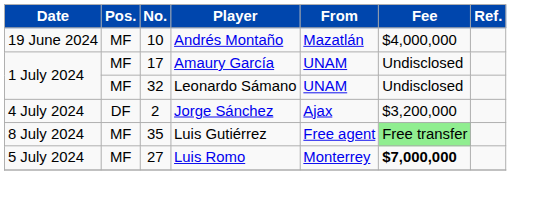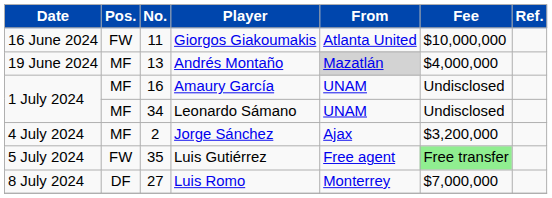 <table class="wikitable plainrowheaders sortable">
 <tr>
 <th style="background:#0046AD; color:#ffffff; ">Date</th>
 <th style="background:#0046AD; color:#ffffff; ">Pos.</th>
 <th style="background:#0046AD; color:#ffffff; ">No.</th>
 <th style="background:#0046AD; color:#ffffff; ">Player</th>
 <th style="background:#0046AD; color:#ffffff; ">From</th>
 <th style="background:#0046AD; color:#ffffff; ">Fee</th>
 <th style="background:#0046AD; color:#ffffff; ">Ref.</th>
 </tr>
 <tr>
+<td>16 June 2024</td>
+<td style="text-align:center;">FW</td>
+<td style="text-align:center;">11</td>
+<td style="text-align:left;"> <a href='#'>Giorgos Giakoumakis</a></td>
+<td style="text-align:left;"> <a href='#'>Atlanta United</a></td>
+<td>$10,000,000</td>
+<td></td>
+</tr>
+<tr>
 <td>19 June 2024</td>
 <td style="text-align:center;">MF</td>
-<td style="text-align:center;">10</td>
+<td style="text-align:center;">13</td>
 <td style="text-align:left;"> <a href='#'>Andrés Montaño</a></td>
-<td style="text-align:left;"> <a href='#'>Mazatlán</a></td>
+<td style="background: lightgrey; text-align:left;"> <a href='#'>Mazatlán</a></td>
 <td>$4,000,000</td>
 <td></td>
 </tr>
 <tr>
 <td rowspan="2">1 July 2024</td>
 <td style="text-align:center;">MF</td>
-<td style="text-align:center;">17</td>
+<td style="text-align:center;">16</td>
 <td style="text-align:left;"> <a href='#'>Amaury García</a></td>
 <td style="text-align:left;"> <a href='#'>UNAM</a></td>
 <td>Undisclosed</td>
 <td></td>
 </tr>
 <tr>
 <td style="text-align:center;">MF</td>
-<td style="text-align:center;">32</td>
+<td style="text-align:center;">34</td>
 <td style="text-align:left;"> Leonardo Sámano</td>
 <td style="text-align:left;"> <a href='#'>UNAM</a></td>
 <td>Undisclosed</td>
 <td></td>
 </tr>
 <tr>
 <td>4 July 2024</td>
-<td style="text-align:center;">DF</td>
+<td style="text-align:center;">MF</td>
 <td style="text-align:center;">2</td>
 <td style="text-align:left;"> <a href='#'>Jorge Sánchez</a></td>
 <td style="text-align:left;"> <a href='#'>Ajax</a></td>
 <td>$3,200,000</td>
 <td></td>
 </tr>
 <tr>
-<td>8 July 2024</td>
-<td style="text-align:center;">MF</td>
+<td>5 July 2024</td>
+<td style="text-align:center;">FW</td>
 <td style="text-align:center;">35</td>
 <td style="text-align:left;"> Luis Gutiérrez</td>
 <td style="text-align:left;"><a href='#'>Free agent</a></td>
 <td style="background: lightgreen;">Free transfer</td>
 <td></td>
 </tr>
 <tr>
-<td>5 July 2024</td>
-<td style="text-align:center;">MF</td>
+<td>8 July 2024</td>
+<td style="text-align:center;">DF</td>
 <td style="text-align:center;">27</td>
 <td style="text-align:left;"> <a href='#'>Luis Romo</a></td>
 <td style="text-align:left;"> <a href='#'>Monterrey</a></td>
-<td><strong>$7,000,000</strong></td>
+<td>$7,000,000</td>
 <td></td>
 </tr>
 <tr>
 </tr>
 </table>
